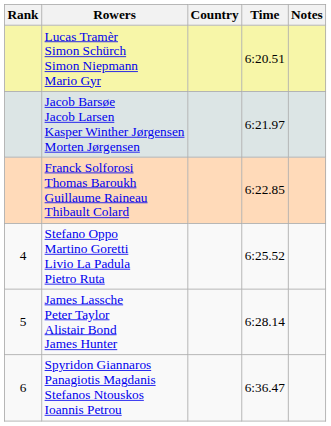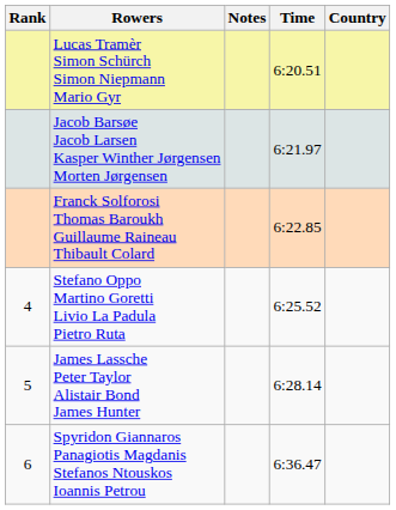 <table class="wikitable sortable" style="text-align:center">
 <tr>
 <th>Rank</th>
 <th class=unsortable>Rowers</th>
+<th>Notes</th>
+<th>Time</th>
 <th>Country</th>
-<th>Time</th>
-<th>Notes</th>
 </tr>
 <tr style="background:#F7F6A8;”">
 <td></td>
 <td align=left><a href='#'>Lucas Tramèr</a><br><a href='#'>Simon Schürch</a><br><a href='#'>Simon Niepmann</a><br><a href='#'>Mario Gyr</a></td>
+<td></td>
+<td>6:20.51</td>
 <td align=left></td>
-<td>6:20.51</td>
-<td></td>
 </tr>
 <tr style="background:#DCE5E5;”">
 <td></td>
 <td align=left><a href='#'>Jacob Barsøe</a><br><a href='#'>Jacob Larsen</a><br><a href='#'>Kasper Winther Jørgensen</a><br><a href='#'>Morten Jørgensen</a></td>
+<td></td>
+<td>6:21.97</td>
 <td align=left></td>
-<td>6:21.97</td>
-<td></td>
 </tr>
 <tr style="background:#FFDAB9;">
 <td></td>
 <td align=left><a href='#'>Franck Solforosi</a><br><a href='#'>Thomas Baroukh</a><br><a href='#'>Guillaume Raineau</a><br><a href='#'>Thibault Colard</a></td>
+<td></td>
+<td>6:22.85</td>
 <td align=left></td>
-<td>6:22.85</td>
-<td></td>
 </tr>
 <tr>
 <td>4</td>
 <td align=left><a href='#'>Stefano Oppo</a><br><a href='#'>Martino Goretti</a><br><a href='#'>Livio La Padula</a><br><a href='#'>Pietro Ruta</a></td>
+<td></td>
+<td>6:25.52</td>
 <td align=left></td>
-<td>6:25.52</td>
-<td></td>
 </tr>
 <tr>
 <td>5</td>
 <td align=left><a href='#'>James Lassche</a><br><a href='#'>Peter Taylor</a><br><a href='#'>Alistair Bond</a><br><a href='#'>James Hunter</a></td>
+<td></td>
+<td>6:28.14</td>
 <td align=left></td>
-<td>6:28.14</td>
-<td></td>
 </tr>
 <tr>
 <td>6</td>
 <td align=left><a href='#'>Spyridon Giannaros</a><br><a href='#'>Panagiotis Magdanis</a><br><a href='#'>Stefanos Ntouskos</a><br><a href='#'>Ioannis Petrou</a></td>
+<td></td>
+<td>6:36.47</td>
 <td align=left></td>
-<td>6:36.47</td>
-<td></td>
 </tr>
 </table>
